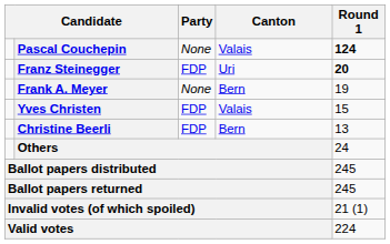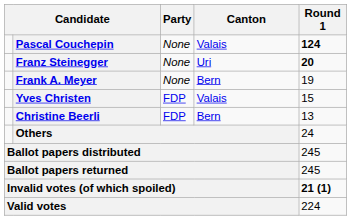 <table class="wikitable">
 <tr>
 <th colspan=2>Candidate</th>
 <th>Party</th>
 <th>Canton</th>
 <th>Round 1</th>
 </tr>
 <tr>
 <td width=5px style="background-color: "></td>
 <td width=200px style="background-color:#F2F2F2"><strong><a href='#'>Pascal Couchepin</a></strong></td>
 <td><em>None</em></td>
 <td width=140px><a href='#'>Valais</a></td>
 <td width=60px><strong>124</strong></td>
 </tr>
 <tr>
 <td style="background-color: "></td>
 <td style="background-color:#F2F2F2"><strong><a href='#'>Franz Steinegger</a></strong></td>
-<td><a href='#'>FDP</a></td>
+<td><em>None</em></td>
 <td><a href='#'>Uri</a></td>
 <td><strong>20</strong></td>
 </tr>
 <tr>
 <td style="background-color: "></td>
 <td style="background-color:#F2F2F2"><strong><a href='#'>Frank A. Meyer</a></strong></td>
 <td><em>None</em></td>
 <td><a href='#'>Bern</a></td>
 <td>19</td>
 </tr>
 <tr>
 <td style="background-color: "></td>
 <td style="background-color:#F2F2F2"><strong><a href='#'>Yves Christen</a></strong></td>
 <td><a href='#'>FDP</a></td>
 <td><a href='#'>Valais</a></td>
 <td>15</td>
 </tr>
 <tr>
 <td style="background-color: "></td>
 <td style="background-color:#F2F2F2"><strong><a href='#'>Christine Beerli</a></strong></td>
 <td><a href='#'>FDP</a></td>
 <td><a href='#'>Bern</a></td>
 <td>13</td>
 </tr>
 <tr>
 <td></td>
 <td colspan=3 style="background-color:#F2F2F2"><strong>Others</strong></td>
 <td>24</td>
 </tr>
 <tr>
 <td colspan=4 style="background-color:#F2F2F2"><strong>Ballot papers distributed</strong></td>
 <td>245</td>
 </tr>
 <tr>
 <td colspan=4 style="background-color:#F2F2F2"><strong>Ballot papers returned</strong></td>
 <td>245</td>
 </tr>
 <tr>
 <td colspan=4 style="background-color:#F2F2F2"><strong>Invalid votes (of which spoiled)</strong></td>
-<td>21 (1)</td>
+<td><strong>21 (1)</strong></td>
 </tr>
 <tr>
 <td colspan=4 style="background-color:#F2F2F2"><strong>Valid votes</strong></td>
 <td>224</td>
 </tr>
 </table>
